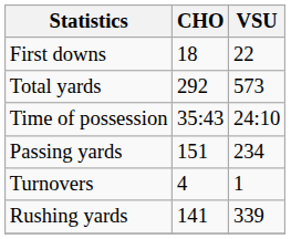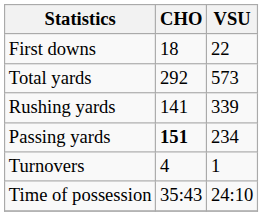 <table class="wikitable">
 <tr>
 <th>Statistics</th>
 <th>CHO</th>
 <th>VSU</th>
 </tr>
 <tr>
 <td>First downs</td>
 <td>18</td>
 <td>22</td>
 </tr>
 <tr>
 <td>Total yards</td>
 <td>292</td>
 <td>573</td>
 </tr>
 <tr>
-<td>Time of possession</td>
-<td>35:43</td>
-<td>24:10</td>
+<td>Rushing yards</td>
+<td>141</td>
+<td>339</td>
 </tr>
 <tr>
 <td>Passing yards</td>
-<td>151</td>
+<td><strong>151</strong></td>
 <td>234</td>
 </tr>
 <tr>
 <td>Turnovers</td>
 <td>4</td>
 <td>1</td>
 </tr>
 <tr>
-<td>Rushing yards</td>
-<td>141</td>
-<td>339</td>
+<td>Time of possession</td>
+<td>35:43</td>
+<td>24:10</td>
 </tr>
 <tr>
 </tr>
 </table>
